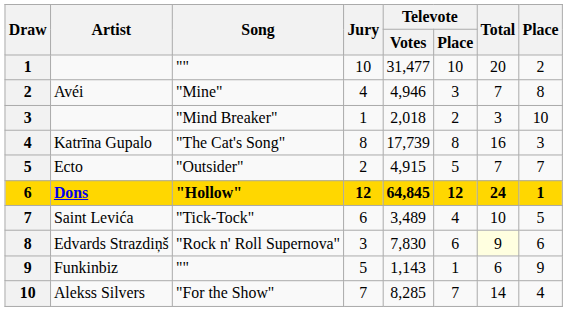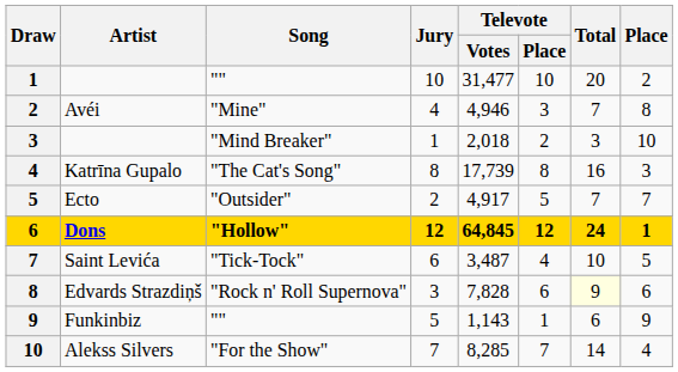 <table class="sortable wikitable plainrowheaders" style="margin: 1em auto 1em auto; text-align:left">
 <tr>
 <th rowspan="2">Draw</th>
 <th rowspan="2">Artist</th>
 <th rowspan="2">Song</th>
 <th rowspan="2">Jury</th>
 <th colspan="2">Televote</th>
 <th rowspan="2">Total</th>
 <th rowspan="2">Place</th>
 </tr>
 <tr>
 <th>Votes</th>
 <th>Place</th>
 </tr>
 <tr>
 <th scope="row" style="text-align:center;">1</th>
 <td align="left"></td>
 <td align="left">""</td>
 <td align="center">10</td>
 <td align="center">31,477</td>
 <td align="center">10</td>
 <td align="center">20</td>
 <td align="center">2</td>
 </tr>
 <tr>
 <th scope="row" style="text-align:center;">2</th>
 <td align="left">Avéi</td>
 <td align="left">"Mine"</td>
 <td align="center">4</td>
 <td align="center">4,946</td>
 <td align="center">3</td>
 <td align="center">7</td>
 <td align="center">8</td>
 </tr>
 <tr>
 <th scope="row" style="text-align:center;">3</th>
 <td align="left"></td>
 <td align="left">"Mind Breaker"</td>
 <td align="center">1</td>
 <td align="center">2,018</td>
 <td align="center">2</td>
 <td align="center">3</td>
 <td align="center">10</td>
 </tr>
 <tr>
 <th scope="row" style="text-align:center;">4</th>
 <td align="left">Katrīna Gupalo</td>
 <td align="left">"The Cat's Song"</td>
 <td align="center">8</td>
 <td align="center">17,739</td>
 <td align="center">8</td>
 <td align="center">16</td>
 <td align="center">3</td>
 </tr>
 <tr>
 <th scope="row" style="text-align:center;">5</th>
 <td align="left">Ecto</td>
 <td align="left">"Outsider"</td>
 <td align="center">2</td>
-<td align="center">4,915</td>
+<td align="center">4,917</td>
 <td align="center">5</td>
 <td align="center">7</td>
 <td scope="row" style="text-align:center;">7</td>
 </tr>
 <tr style="font-weight:bold; background:gold;">
 <td scope="row" style="text-align:center;">6</td>
 <td align="left"><a href='#'>Dons</a></td>
 <td align="left">"Hollow"</td>
 <td align="center">12</td>
 <td align="center">64,845</td>
 <td align="center">12</td>
 <td align="center">24</td>
 <td scope="row" style="text-align:center;">1</td>
 </tr>
 <tr>
 <th scope="row" style="text-align:center;">7</th>
 <td align="left">Saint Levića</td>
 <td align="left">"Tick-Tock"</td>
 <td align="center">6</td>
-<td align="center">3,489</td>
+<td align="center">3,487</td>
 <td align="center">4</td>
 <td align="center">10</td>
 <td scope="row" style="text-align:center;">5</td>
 </tr>
 <tr>
 <th scope="row" style="text-align:center;">8</th>
 <td align="left">Edvards Strazdiņš</td>
 <td align="left">"Rock n' Roll Supernova"</td>
 <td align="center">3</td>
-<td align="center">7,830</td>
+<td align="center">7,828</td>
 <td align="center">6</td>
 <td align="center" style="background: lightyellow;">9</td>
 <td scope="row" style="text-align:center;">6</td>
 </tr>
 <tr>
 <th scope="row" style="text-align:center;">9</th>
 <td align="left">Funkinbiz</td>
 <td align="left">"" </td>
 <td align="center">5</td>
 <td align="center">1,143</td>
 <td align="center">1</td>
 <td align="center">6</td>
 <td scope="row" style="text-align:center;">9</td>
 </tr>
 <tr>
 <th scope="row" style="text-align:center;">10</th>
 <td align="left">Alekss Silvers</td>
 <td align="left">"For the Show"</td>
 <td align="center">7</td>
 <td align="center">8,285</td>
 <td align="center">7</td>
 <td align="center">14</td>
 <td scope="row" style="text-align:center;">4</td>
 </tr>
 </table>
